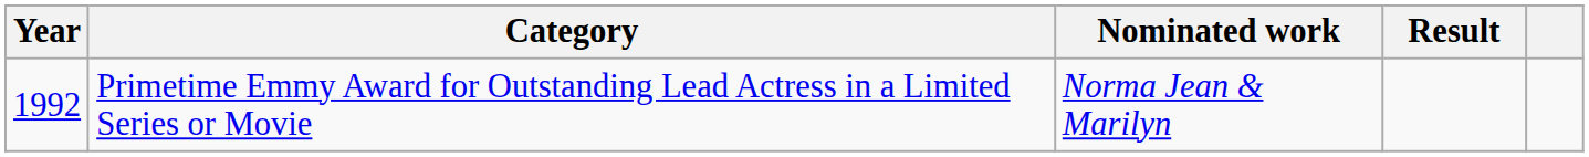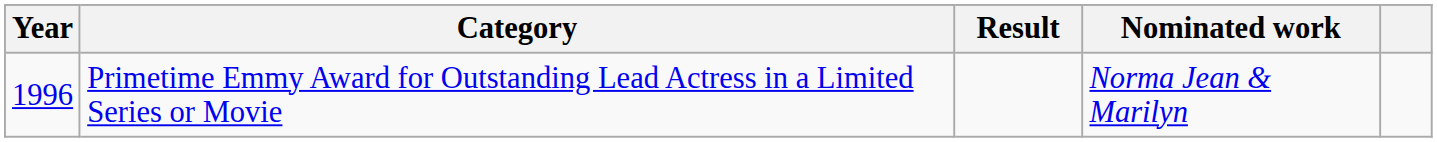 <table class="wikitable">
 <tr>
 <th>Year</th>
 <th width="450">Category</th>
+<th width="60">Result</th>
 <th width="148">Nominated work</th>
-<th width="60">Result</th>
 <th width="20" class="unsortable"></th>
 </tr>
 <tr>
-<td><a href='#'>1992</a></td>
+<td><a href='#'>1996</a></td>
 <td><a href='#'>Primetime Emmy Award for Outstanding Lead Actress in a Limited Series or Movie</a></td>
+<td></td>
 <td><em><a href='#'>Norma Jean & Marilyn</a></em></td>
-<td></td>
 <td></td>
 </tr>
 </table>
